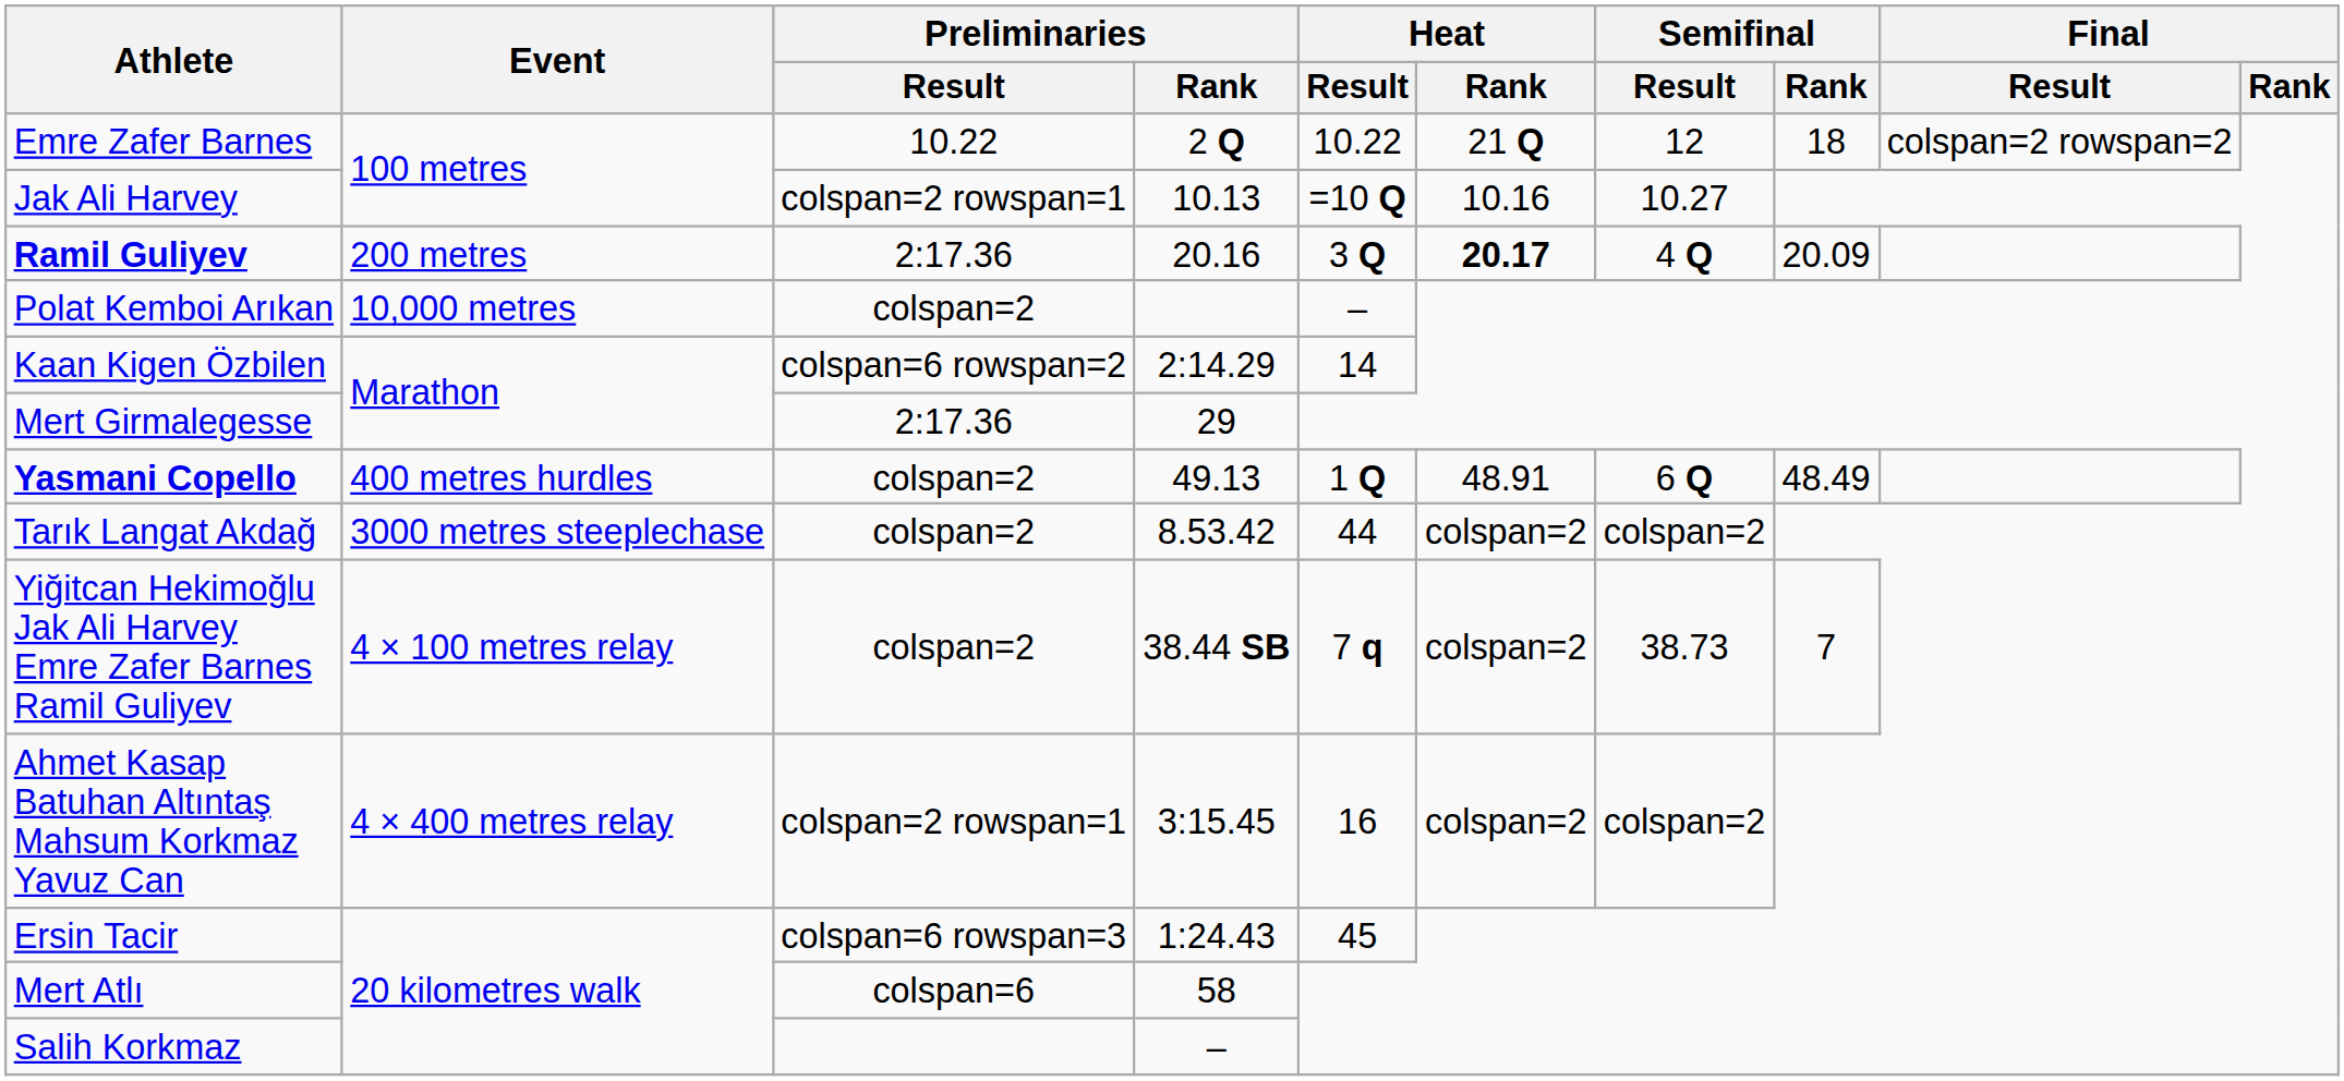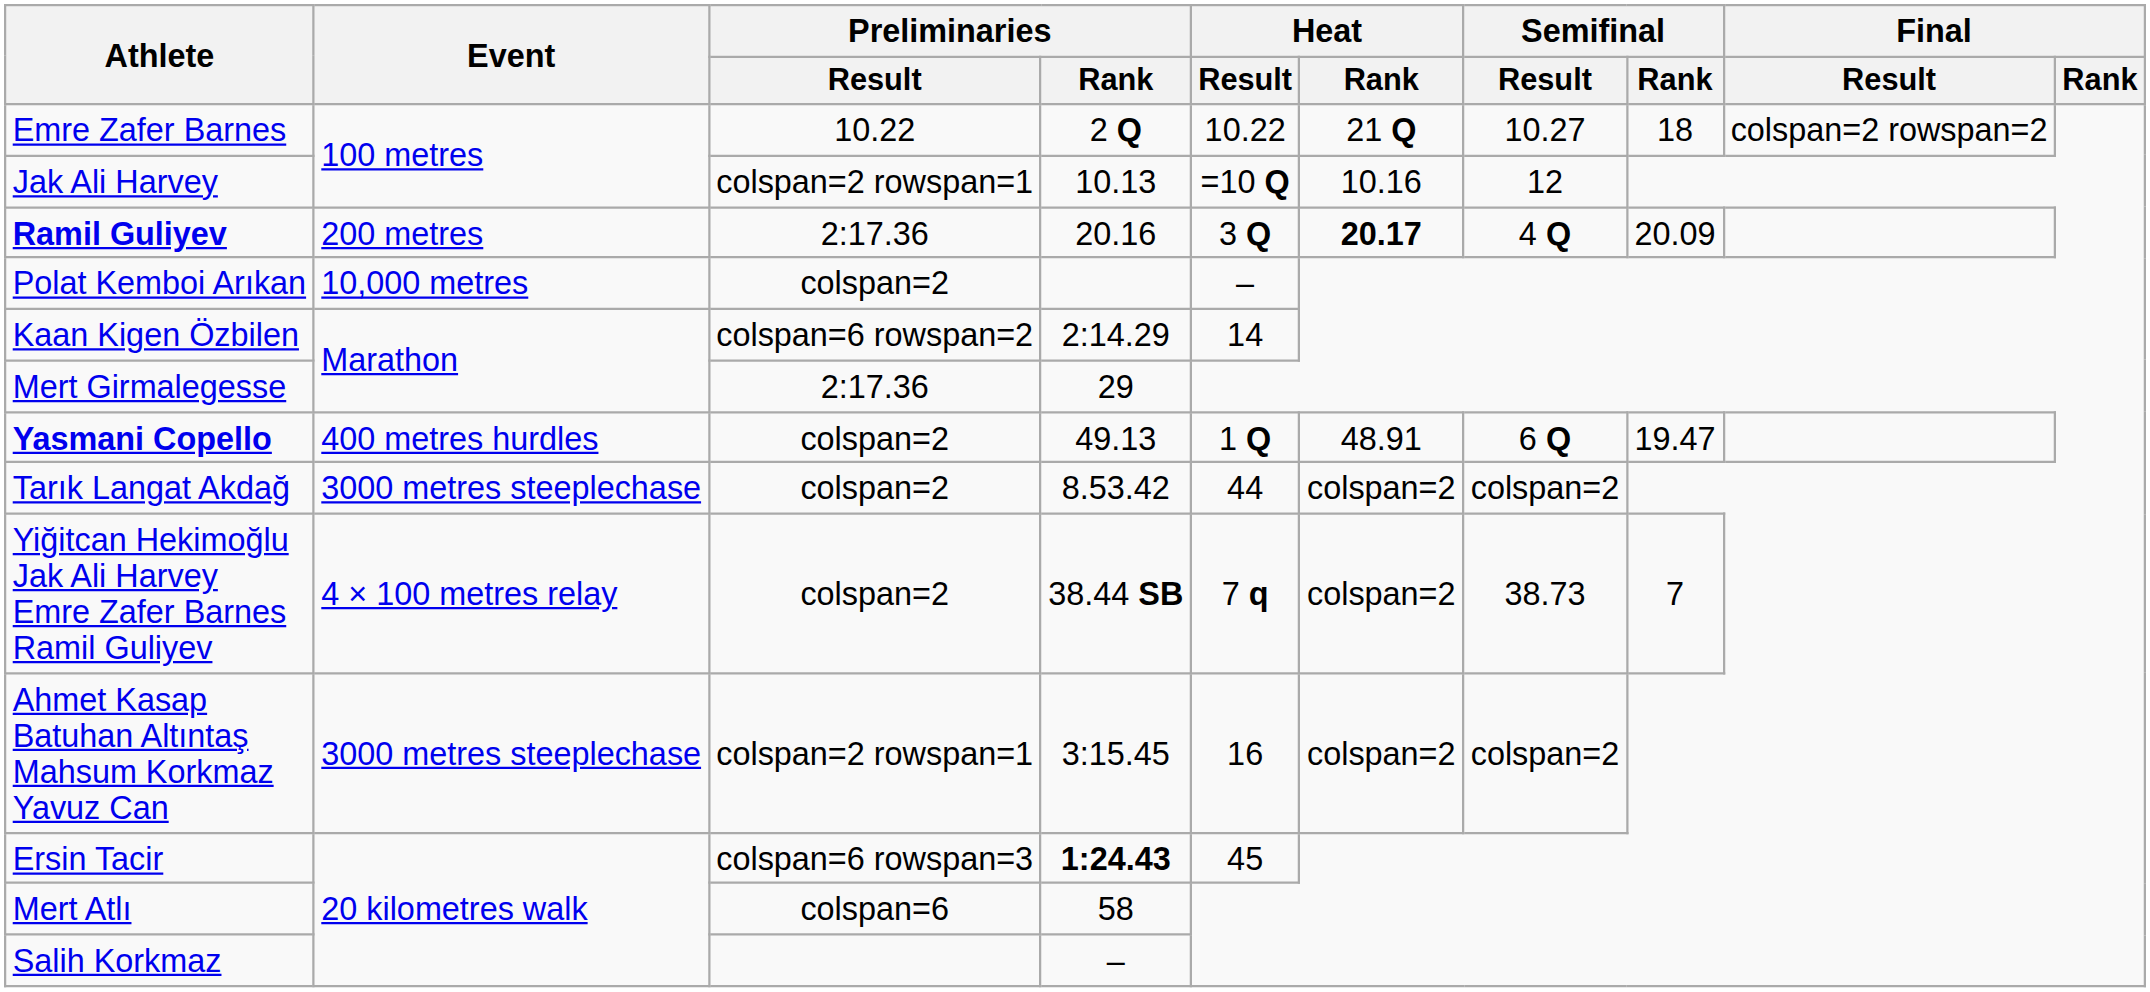 <table class="wikitable" style="font-size:90%">
 <tr>
 <th rowspan="2">Athlete</th>
 <th rowspan="2">Event</th>
 <th colspan="2">Preliminaries</th>
 <th colspan="2">Heat</th>
 <th colspan="2">Semifinal</th>
 <th colspan="2">Final</th>
 </tr>
 <tr style="font-size:95%">
 <th>Result</th>
 <th>Rank</th>
 <th>Result</th>
 <th>Rank</th>
 <th>Result</th>
 <th>Rank</th>
 <th>Result</th>
 <th>Rank</th>
 </tr>
 <tr style=text-align:center>
 <td style=text-align:left><a href='#'>Emre Zafer Barnes</a></td>
 <td style=text-align:left rowspan=2><a href='#'>100 metres</a></td>
 <td>10.22</td>
 <td>2 <strong>Q</strong></td>
 <td>10.22</td>
 <td>21 <strong>Q</strong></td>
-<td>12</td>
+<td>10.27</td>
 <td>18</td>
 <td>colspan=2 rowspan=2 </td>
 </tr>
 <tr style=text-align:center>
 <td style=text-align:left><a href='#'>Jak Ali Harvey</a></td>
 <td>colspan=2 rowspan=1 </td>
 <td>10.13</td>
 <td>=10 <strong>Q</strong></td>
 <td>10.16</td>
-<td>10.27</td>
+<td>12</td>
 </tr>
 <tr style=text-align:center>
 <td style=text-align:left><strong><a href='#'>Ramil Guliyev</a></strong></td>
 <td style=text-align:left><a href='#'>200 metres</a></td>
 <td>2:17.36</td>
 <td>20.16</td>
 <td>3 <strong>Q</strong></td>
 <td><strong>20.17</strong></td>
 <td>4 <strong>Q</strong></td>
 <td>20.09</td>
 <td></td>
 </tr>
 <tr style=text-align:center>
 <td style=text-align:left><a href='#'>Polat Kemboi Arıkan</a></td>
 <td style=text-align:left><a href='#'>10,000 metres</a></td>
 <td>colspan=2 </td>
 <td></td>
 <td>–</td>
 </tr>
 <tr style=text-align:center>
 <td style=text-align:left><a href='#'>Kaan Kigen Özbilen</a></td>
 <td style=text-align:left rowspan=2><a href='#'>Marathon</a></td>
 <td>colspan=6 rowspan=2 </td>
 <td>2:14.29</td>
 <td>14</td>
 </tr>
 <tr style=text-align:center>
 <td style=text-align:left><a href='#'>Mert Girmalegesse</a></td>
 <td>2:17.36</td>
 <td>29</td>
 </tr>
 <tr style=text-align:center>
 <td style=text-align:left><strong><a href='#'>Yasmani Copello</a></strong></td>
 <td style=text-align:left><a href='#'>400 metres hurdles</a></td>
 <td>colspan=2 </td>
 <td>49.13</td>
 <td>1 <strong>Q</strong></td>
 <td>48.91</td>
 <td>6 <strong>Q</strong></td>
-<td>48.49</td>
+<td>19.47</td>
 <td></td>
 </tr>
 <tr style=text-align:center>
 <td style=text-align:left><a href='#'>Tarık Langat Akdağ</a></td>
 <td style=text-align:left><a href='#'>3000 metres steeplechase</a></td>
 <td>colspan=2 </td>
 <td>8.53.42</td>
 <td>44</td>
 <td>colspan=2 </td>
 <td>colspan=2 </td>
 </tr>
 <tr style=text-align:center>
 <td style=text-align:left><a href='#'>Yiğitcan Hekimoğlu</a><br><a href='#'>Jak Ali Harvey</a><br><a href='#'>Emre Zafer Barnes</a><br><a href='#'>Ramil Guliyev</a></td>
 <td style=text-align:left><a href='#'>4 × 100 metres relay</a></td>
 <td>colspan=2 </td>
 <td>38.44 <strong>SB</strong></td>
 <td>7 <strong>q</strong></td>
 <td>colspan=2 </td>
 <td>38.73</td>
 <td>7</td>
 </tr>
 <tr style=text-align:center>
 <td style=text-align:left><a href='#'>Ahmet Kasap</a><br><a href='#'>Batuhan Altıntaş</a><br><a href='#'>Mahsum Korkmaz</a><br><a href='#'>Yavuz Can</a></td>
-<td style=text-align:left><a href='#'>4 × 400 metres relay</a></td>
+<td style=text-align:left><a href='#'>3000 metres steeplechase</a></td>
 <td>colspan=2 rowspan=1 </td>
 <td>3:15.45</td>
 <td>16</td>
 <td>colspan=2 </td>
 <td>colspan=2 </td>
 </tr>
 <tr style=text-align:center>
 <td style=text-align:left><a href='#'>Ersin Tacir</a></td>
 <td style=text-align:left rowspan=3><a href='#'>20 kilometres walk</a></td>
 <td>colspan=6 rowspan=3 </td>
-<td>1:24.43</td>
+<td><strong>1:24.43</strong></td>
 <td>45</td>
 </tr>
 <tr style=text-align:center>
 <td style=text-align:left><a href='#'>Mert Atlı</a></td>
 <td>colspan=6 </td>
 <td>58</td>
 </tr>
 <tr style=text-align:center>
 <td style=text-align:left><a href='#'>Salih Korkmaz</a></td>
 <td></td>
 <td>–</td>
 </tr>
 </table>
